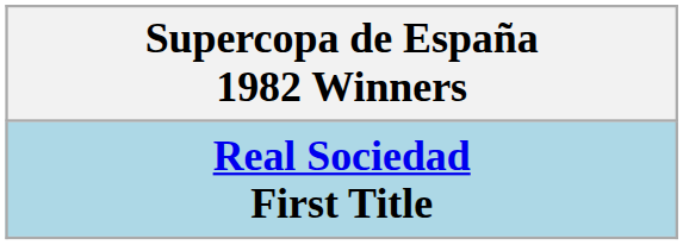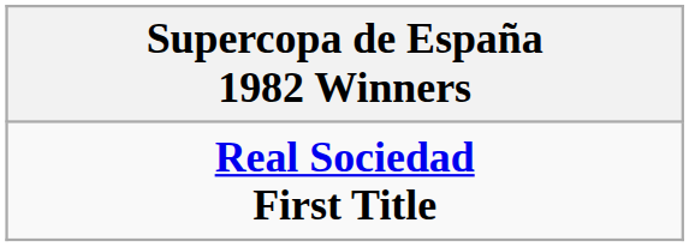 <table class="wikitable" style="text-align: center; margin: 0 auto; width: 20%">
 <tr>
 <th>Supercopa de España <br>1982 Winners</th>
 </tr>
 <tr>
-<td style="background: lightblue;"><strong><a href='#'>Real Sociedad</a></strong><br><strong>First Title</strong></td>
+<td><strong><a href='#'>Real Sociedad</a></strong><br><strong>First Title</strong></td>
 </tr>
 </table>
